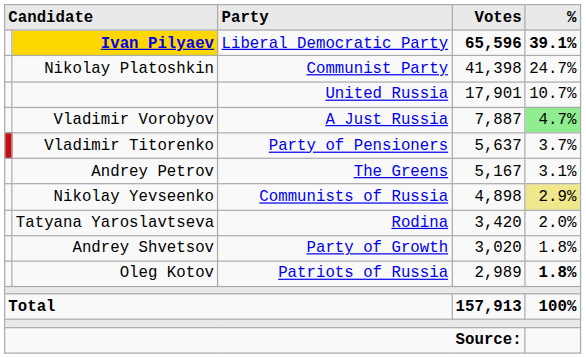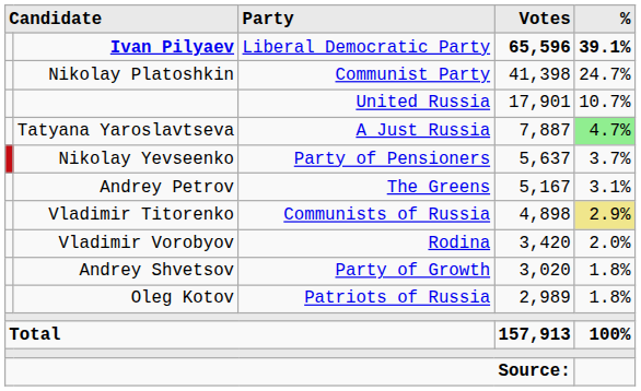 <table class="wikitable" style="text-align:right">
 <tr>
 <th colspan="2" style="background-color:#E9E9E9;text-align:left;vertical-align:top;">Candidate</th>
 <th style="background-color:#E9E9E9;text-align:left;vertical-align:top;">Party</th>
 <th style="background-color:#E9E9E9;text-align:right;">Votes</th>
 <th style="background-color:#E9E9E9;text-align:right;">%</th>
 </tr>
 <tr>
 <td style="background-color: "></td>
-<td style="background: gold;"><strong><a href='#'>Ivan Pilyaev</a></strong></td>
+<td><strong><a href='#'>Ivan Pilyaev</a></strong></td>
 <td><a href='#'>Liberal Democratic Party</a></td>
 <td><strong>65,596</strong></td>
 <td><strong>39.1%</strong></td>
 </tr>
 <tr>
 <td style="background-color: "></td>
 <td>Nikolay Platoshkin</td>
 <td><a href='#'>Communist Party</a></td>
 <td>41,398</td>
 <td>24.7%</td>
 </tr>
 <tr>
 <td style="background-color: "></td>
 <td></td>
 <td><a href='#'>United Russia</a></td>
 <td>17,901</td>
 <td>10.7%</td>
 </tr>
 <tr>
 <td style="background-color: "></td>
-<td>Vladimir Vorobyov</td>
+<td>Tatyana Yaroslavtseva</td>
 <td><a href='#'>A Just Russia</a></td>
 <td>7,887</td>
 <td style="background: lightgreen;">4.7%</td>
 </tr>
 <tr>
 <td style="background-color: #c50d13"></td>
-<td>Vladimir Titorenko</td>
+<td>Nikolay Yevseenko</td>
 <td><a href='#'>Party of Pensioners</a></td>
 <td>5,637</td>
 <td>3.7%</td>
 </tr>
 <tr>
 <td style="background-color: "></td>
 <td>Andrey Petrov</td>
 <td><a href='#'>The Greens</a></td>
 <td>5,167</td>
 <td>3.1%</td>
 </tr>
 <tr>
 <td style="background-color: "></td>
-<td>Nikolay Yevseenko</td>
+<td>Vladimir Titorenko</td>
 <td><a href='#'>Communists of Russia</a></td>
 <td>4,898</td>
 <td style="background: khaki;">2.9%</td>
 </tr>
 <tr>
 <td style="background-color: "></td>
-<td>Tatyana Yaroslavtseva</td>
+<td>Vladimir Vorobyov</td>
 <td><a href='#'>Rodina</a></td>
 <td>3,420</td>
 <td>2.0%</td>
 </tr>
 <tr>
 <td style="background-color: "></td>
 <td>Andrey Shvetsov</td>
 <td><a href='#'>Party of Growth</a></td>
 <td>3,020</td>
 <td>1.8%</td>
 </tr>
 <tr>
 <td style="background-color: "></td>
 <td>Oleg Kotov</td>
 <td><a href='#'>Patriots of Russia</a></td>
 <td>2,989</td>
-<td><strong>1.8%</strong></td>
+<td>1.8%</td>
 </tr>
 <tr>
 <td colspan="5" style="background-color:#E9E9E9;"></td>
 </tr>
 <tr style="font-weight:bold">
 <td colspan="3" style="text-align:left;">Total</td>
 <td>157,913</td>
 <td>100%</td>
 </tr>
 <tr>
 <td colspan="5" style="background-color:#E9E9E9;"></td>
 </tr>
 <tr style="font-weight:bold">
 <td colspan="4">Source:</td>
 <td></td>
 </tr>
 </table>
